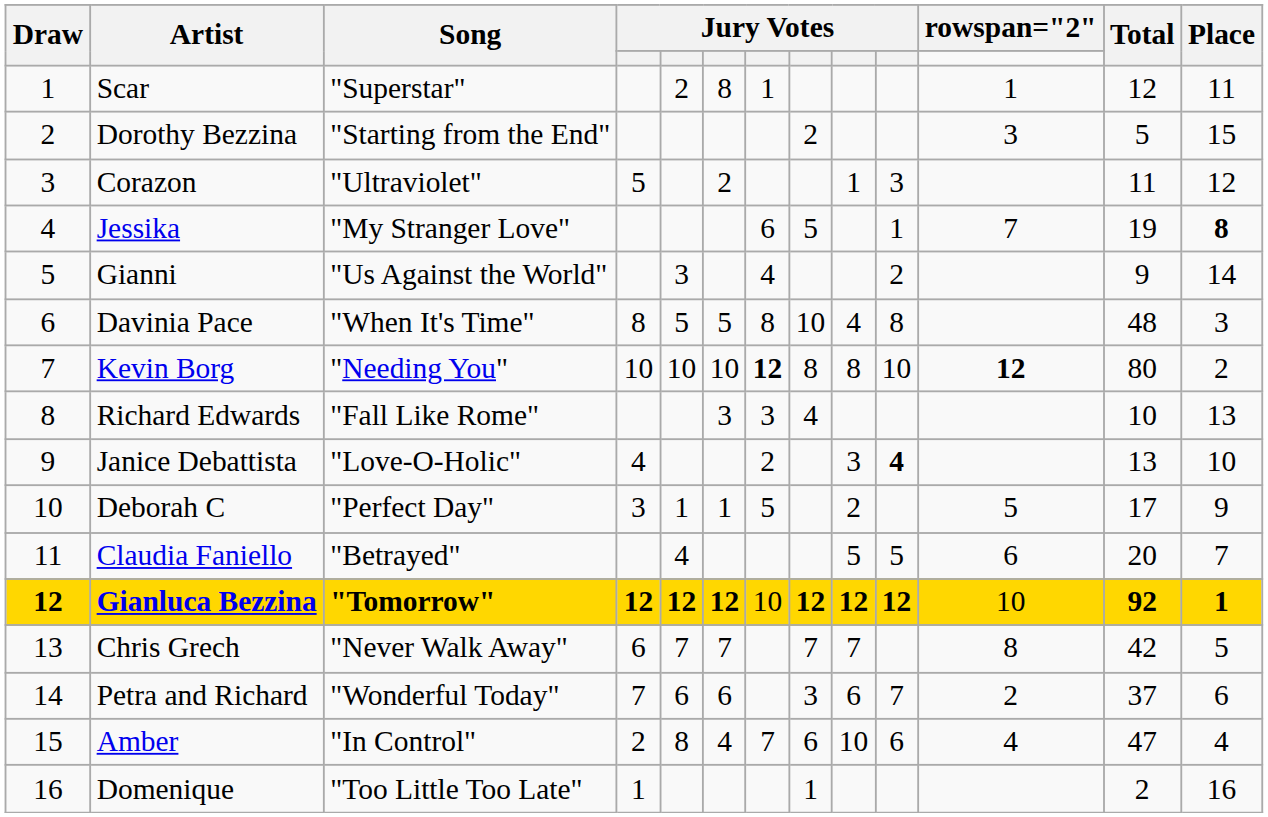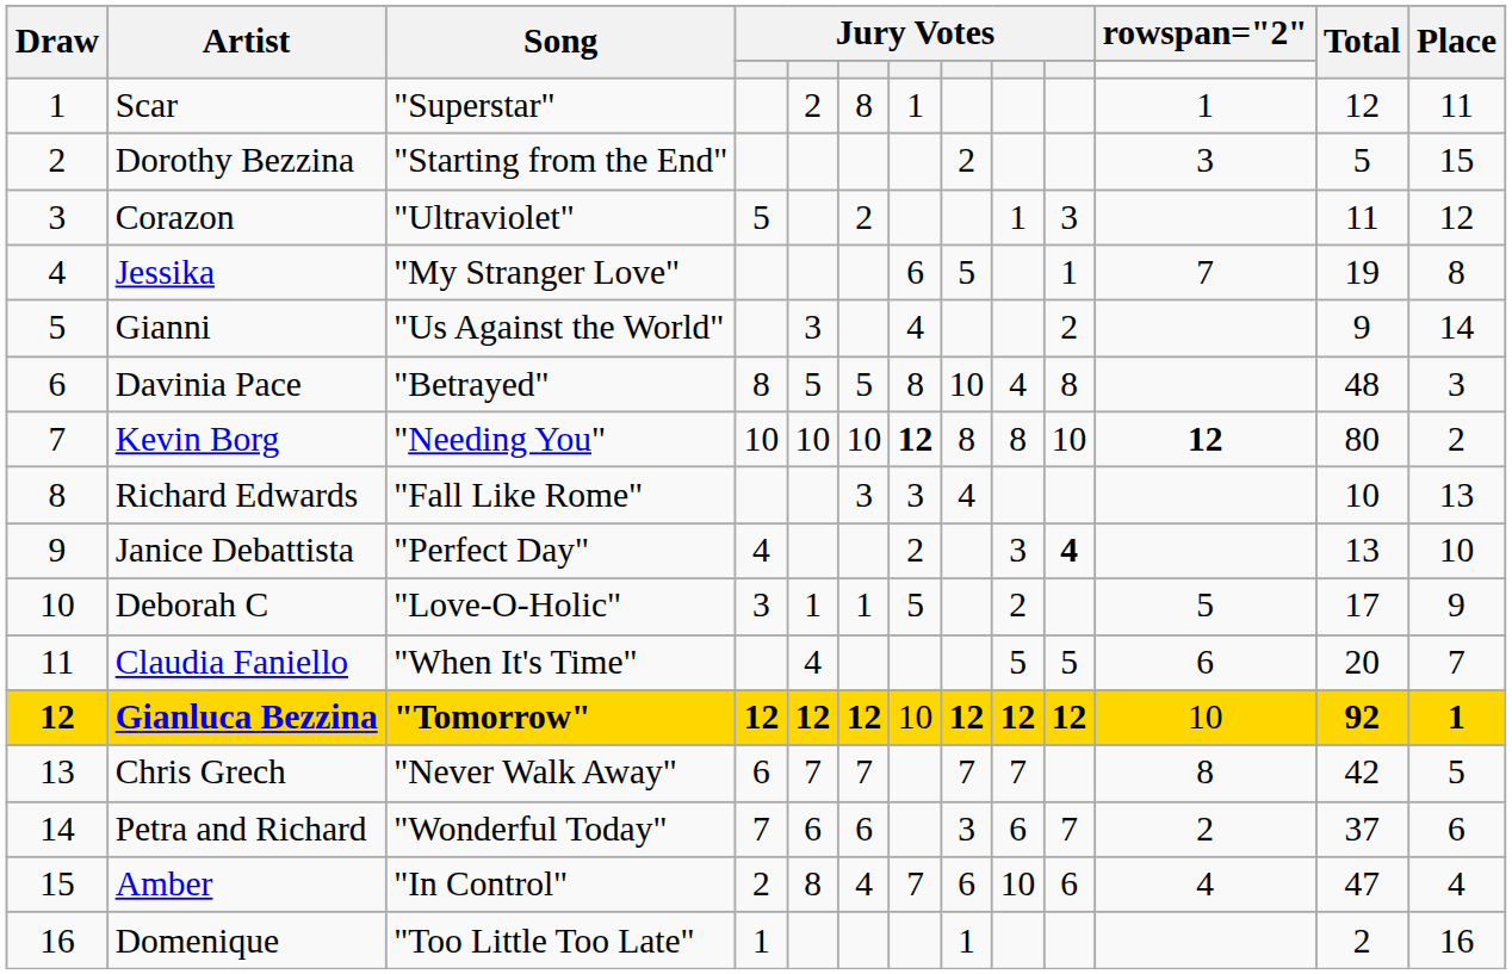 <table class="sortable wikitable" style="margin: 1em auto 1em auto; text-align:center">
 <tr>
 <th rowspan="2">Draw</th>
 <th rowspan="2">Artist</th>
 <th rowspan="2">Song</th>
 <th colspan="7">Jury Votes</th>
 <th>rowspan="2" </th>
 <th rowspan="2">Total</th>
 <th rowspan="2">Place</th>
 </tr>
 <tr>
 <th></th>
 <th></th>
 <th></th>
 <th></th>
 <th></th>
 <th></th>
 <th></th>
 </tr>
 <tr>
 <td>1</td>
 <td align="left">Scar</td>
 <td align="left">"Superstar"</td>
 <td></td>
 <td>2</td>
 <td>8</td>
 <td>1</td>
 <td></td>
 <td></td>
 <td></td>
 <td>1</td>
 <td>12</td>
 <td>11</td>
 </tr>
 <tr>
 <td>2</td>
 <td align="left">Dorothy Bezzina</td>
 <td align="left">"Starting from the End"</td>
 <td></td>
 <td></td>
 <td></td>
 <td></td>
 <td>2</td>
 <td></td>
 <td></td>
 <td>3</td>
 <td>5</td>
 <td>15</td>
 </tr>
 <tr>
 <td>3</td>
 <td align="left">Corazon</td>
 <td align="left">"Ultraviolet"</td>
 <td>5</td>
 <td></td>
 <td>2</td>
 <td></td>
 <td></td>
 <td>1</td>
 <td>3</td>
 <td></td>
 <td>11</td>
 <td>12</td>
 </tr>
 <tr>
 <td>4</td>
 <td align="left"><a href='#'>Jessika</a></td>
 <td align="left">"My Stranger Love"</td>
 <td></td>
 <td></td>
 <td></td>
 <td>6</td>
 <td>5</td>
 <td></td>
 <td>1</td>
 <td>7</td>
 <td>19</td>
-<td><strong>8</strong></td>
+<td>8</td>
 </tr>
 <tr>
 <td>5</td>
 <td align="left">Gianni</td>
 <td align="left">"Us Against the World"</td>
 <td></td>
 <td>3</td>
 <td></td>
 <td>4</td>
 <td></td>
 <td></td>
 <td>2</td>
 <td></td>
 <td>9</td>
 <td>14</td>
 </tr>
 <tr>
 <td>6</td>
 <td align="left">Davinia Pace</td>
-<td align="left">"When It's Time"</td>
+<td align="left">"Betrayed"</td>
 <td>8</td>
 <td>5</td>
 <td>5</td>
 <td>8</td>
 <td>10</td>
 <td>4</td>
 <td>8</td>
 <td></td>
 <td>48</td>
 <td>3</td>
 </tr>
 <tr>
 <td>7</td>
 <td align="left"><a href='#'>Kevin Borg</a></td>
 <td align="left">"<a href='#'>Needing You</a>"</td>
 <td>10</td>
 <td>10</td>
 <td>10</td>
 <td><strong>12</strong></td>
 <td>8</td>
 <td>8</td>
 <td>10</td>
 <td><strong>12</strong></td>
 <td>80</td>
 <td>2</td>
 </tr>
 <tr>
 <td>8</td>
 <td align="left">Richard Edwards</td>
 <td align="left">"Fall Like Rome"</td>
 <td></td>
 <td></td>
 <td>3</td>
 <td>3</td>
 <td>4</td>
 <td></td>
 <td></td>
 <td></td>
 <td>10</td>
 <td>13</td>
 </tr>
 <tr>
 <td>9</td>
 <td align="left">Janice Debattista</td>
-<td align="left">"Love-O-Holic"</td>
+<td align="left">"Perfect Day"</td>
 <td>4</td>
 <td></td>
 <td></td>
 <td>2</td>
 <td></td>
 <td>3</td>
 <td><strong>4</strong></td>
 <td></td>
 <td>13</td>
 <td>10</td>
 </tr>
 <tr>
 <td>10</td>
 <td align="left">Deborah C</td>
-<td align="left">"Perfect Day"</td>
+<td align="left">"Love-O-Holic"</td>
 <td>3</td>
 <td>1</td>
 <td>1</td>
 <td>5</td>
 <td></td>
 <td>2</td>
 <td></td>
 <td>5</td>
 <td>17</td>
 <td>9</td>
 </tr>
 <tr>
 <td>11</td>
 <td align="left"><a href='#'>Claudia Faniello</a></td>
-<td align="left">"Betrayed"</td>
+<td align="left">"When It's Time"</td>
 <td></td>
 <td>4</td>
 <td></td>
 <td></td>
 <td></td>
 <td>5</td>
 <td>5</td>
 <td>6</td>
 <td>20</td>
 <td>7</td>
 </tr>
 <tr style="background:gold;">
 <td><strong>12</strong></td>
 <td align="left"><a href='#'><strong>Gianluca Bezzina</strong></a></td>
 <td align="left"><strong>"Tomorrow"</strong></td>
 <td><strong>12</strong></td>
 <td><strong>12</strong></td>
 <td><strong>12</strong></td>
 <td>10</td>
 <td><strong>12</strong></td>
 <td><strong>12</strong></td>
 <td><strong>12</strong></td>
 <td>10</td>
 <td><strong>92</strong></td>
 <td><strong>1</strong></td>
 </tr>
 <tr>
 <td>13</td>
 <td align="left">Chris Grech</td>
 <td align="left">"Never Walk Away"</td>
 <td>6</td>
 <td>7</td>
 <td>7</td>
 <td></td>
 <td>7</td>
 <td>7</td>
 <td></td>
 <td>8</td>
 <td>42</td>
 <td>5</td>
 </tr>
 <tr>
 <td>14</td>
 <td align="left">Petra and Richard</td>
 <td align="left">"Wonderful Today"</td>
 <td>7</td>
 <td>6</td>
 <td>6</td>
 <td></td>
 <td>3</td>
 <td>6</td>
 <td>7</td>
 <td>2</td>
 <td>37</td>
 <td>6</td>
 </tr>
 <tr>
 <td>15</td>
 <td align="left"><a href='#'>Amber</a></td>
 <td align="left">"In Control"</td>
 <td>2</td>
 <td>8</td>
 <td>4</td>
 <td>7</td>
 <td>6</td>
 <td>10</td>
 <td>6</td>
 <td>4</td>
 <td>47</td>
 <td>4</td>
 </tr>
 <tr>
 <td>16</td>
 <td align="left">Domenique</td>
 <td align="left">"Too Little Too Late"</td>
 <td>1</td>
 <td></td>
 <td></td>
 <td></td>
 <td>1</td>
 <td></td>
 <td></td>
 <td></td>
 <td>2</td>
 <td>16</td>
 </tr>
 </table>
